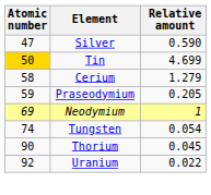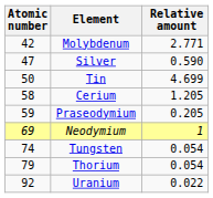 <table class="wikitable" style="float:right; margin-right:15px; margin-down:0; font-size:10pt; line-height:11pt;">
 <tr>
 <th style="text-align:center;">Atomic<br>number</th>
 <th style="width:45%;">Element</th>
 <th style="padding-right: 5px; padding-left: 10px;">Relative<br>amount</th>
 </tr>
 <tr>
+<td style="text-align:center;">42</td>
+<td style="text-align:center;"><a href='#'>Molybdenum</a></td>
+<td style="padding-right:5px; text-align:right;">2.771</td>
+</tr>
+<tr>
 <td style="text-align:center;">47</td>
 <td style="text-align:center;"><a href='#'>Silver</a></td>
 <td style="padding-right:5px; text-align:right;">0.590</td>
 </tr>
 <tr>
-<td style="background: gold; text-align:center;">50</td>
+<td style="text-align:center;">50</td>
 <td style="text-align:center; "><a href='#'>Tin</a></td>
 <td style="padding-right:5px; text-align:right;">4.699</td>
 </tr>
 <tr>
 <td style="text-align:center;">58</td>
 <td style="text-align:center;"><a href='#'>Cerium</a></td>
-<td style="padding-right:5px; text-align:right;">1.279</td>
+<td style="padding-right:5px; text-align:right;">1.205</td>
 </tr>
 <tr>
 <td style="text-align:center;">59</td>
 <td style="text-align:center;"><a href='#'>Praseodymium</a></td>
 <td style="padding-right:5px; text-align:right;">0.205</td>
 </tr>
 <tr style="background:#ff9;">
 <td style="text-align:center;"><em>69</em></td>
 <td style="text-align:center;"><em>Neodymium</em></td>
 <td style="padding-right:5px; text-align:right;"><em>1</em></td>
 </tr>
 <tr>
 <td style="text-align:center;">74</td>
 <td style="text-align:center;"><a href='#'>Tungsten</a></td>
 <td style="padding-right:5px; text-align:right;">0.054</td>
 </tr>
 <tr>
-<td style="text-align:center;">90</td>
+<td style="text-align:center;">79</td>
 <td style="text-align:center;"><a href='#'>Thorium</a></td>
-<td style="padding-right:5px; text-align:right;">0.045</td>
+<td style="padding-right:5px; text-align:right;">0.054</td>
 </tr>
 <tr>
 <td style="text-align:center;">92</td>
 <td style="text-align:center;"><a href='#'>Uranium</a></td>
 <td style="padding-right:5px; text-align:right;">0.022</td>
 </tr>
 </table>
